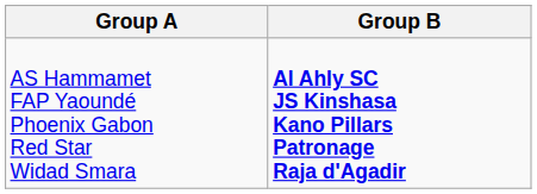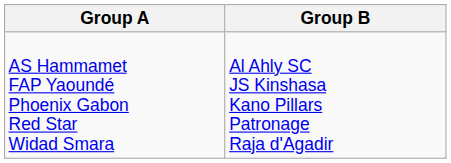 <table class="wikitable">
 <tr>
 <th width=195px>Group A</th>
 <th width=195px>Group B</th>
 </tr>
 <tr>
 <td valign=top><br> <a href='#'>AS Hammamet</a><br>  <a href='#'>FAP Yaoundé</a><br>  <a href='#'>Phoenix Gabon</a><br>  <a href='#'>Red Star</a><br>  <a href='#'>Widad Smara</a></td>
-<td valign=top><strong><br> <a href='#'>Al Ahly SC</a><br>  <a href='#'>JS Kinshasa</a><br>  <a href='#'>Kano Pillars</a><br>  <a href='#'>Patronage</a><br>  <a href='#'>Raja d'Agadir</a></strong></td>
+<td valign=top><br> <a href='#'>Al Ahly SC</a><br>  <a href='#'>JS Kinshasa</a><br>  <a href='#'>Kano Pillars</a><br>  <a href='#'>Patronage</a><br>  <a href='#'>Raja d'Agadir</a></td>
 </tr>
 </table>
